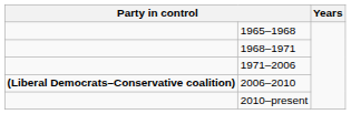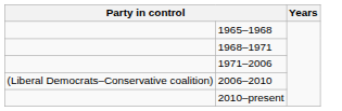 <table class="wikitable">
 <tr>
 <th colspan=2>Party in control</th>
 <th>Years</th>
 </tr>
 <tr>
 <td></td>
 <td>1965–1968</td>
 </tr>
 <tr>
 <td></td>
 <td>1968–1971</td>
 </tr>
 <tr>
 <td></td>
 <td>1971–2006</td>
 </tr>
 <tr>
-<td><strong> (Liberal Democrats–Conservative coalition)</strong></td>
+<td> (Liberal Democrats–Conservative coalition)</td>
 <td>2006–2010</td>
 </tr>
 <tr>
 <td></td>
 <td>2010–present</td>
 </tr>
 </table>
